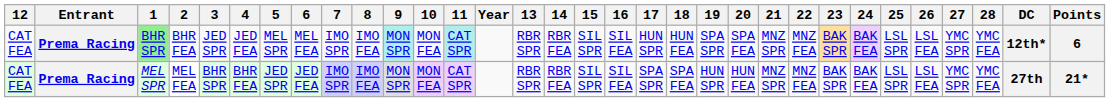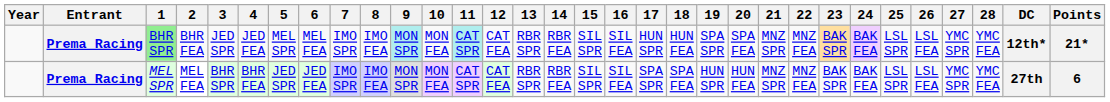 <table class="wikitable" style="text-align:center; font-size:85%">
 <tr>
-<th scope="col">12</th>
+<th scope="col">Year</th>
 <th scope="col">Entrant</th>
 <th scope="col">1</th>
 <th scope="col">2</th>
 <th scope="col">3</th>
 <th scope="col">4</th>
 <th scope="col">5</th>
 <th scope="col">6</th>
 <th scope="col">7</th>
 <th scope="col">8</th>
 <th scope="col">9</th>
 <th scope="col">10</th>
 <th scope="col">11</th>
-<th scope="col">Year</th>
+<th scope="col">12</th>
 <th scope="col">13</th>
 <th scope="col">14</th>
 <th scope="col">15</th>
 <th scope="col">16</th>
 <th scope="col">17</th>
 <th scope="col">18</th>
 <th scope="col">19</th>
 <th scope="col">20</th>
 <th scope="col">21</th>
 <th scope="col">22</th>
 <th scope="col">23</th>
 <th scope="col">24</th>
 <th scope="col">25</th>
 <th scope="col">26</th>
 <th scope="col">27</th>
 <th scope="col">28</th>
 <th scope="col">DC</th>
 <th scope="col">Points</th>
 </tr>
 <tr>
-<td><a href='#'>CAT<br>FEA</a></td>
+<td scope="row"></td>
 <th nowrap><a href='#'>Prema Racing</a></th>
 <td style="background: lightgreen;"><a href='#'>BHR<br>SPR</a></td>
 <td><a href='#'>BHR<br>FEA</a></td>
 <td><a href='#'>JED<br>SPR</a></td>
 <td><a href='#'>JED<br>FEA</a></td>
 <td><a href='#'>MEL<br>SPR</a></td>
 <td><a href='#'>MEL<br>FEA</a></td>
 <td><a href='#'>IMO<br>SPR</a></td>
 <td><a href='#'>IMO<br>FEA</a></td>
 <td style="background: paleturquoise;"><a href='#'>MON<br>SPR</a></td>
 <td><a href='#'>MON<br>FEA</a></td>
 <td style="background: paleturquoise;"><a href='#'>CAT<br>SPR</a></td>
-<td scope="row"></td>
+<td><a href='#'>CAT<br>FEA</a></td>
 <td><a href='#'>RBR<br>SPR</a></td>
 <td><a href='#'>RBR<br>FEA</a></td>
 <td><a href='#'>SIL<br>SPR</a></td>
 <td><a href='#'>SIL<br>FEA</a></td>
 <td><a href='#'>HUN<br>SPR</a></td>
 <td><a href='#'>HUN<br>FEA</a></td>
 <td><a href='#'>SPA<br>SPR</a></td>
 <td><a href='#'>SPA<br>FEA</a></td>
 <td><a href='#'>MNZ<br>SPR</a></td>
 <td><a href='#'>MNZ<br>FEA</a></td>
 <td style="background:#FFDF9F;"><a href='#'>BAK<br>SPR</a><br></td>
 <td style="background:#EFCFFF;"><a href='#'>BAK<br>FEA</a><br></td>
 <td><a href='#'>LSL<br>SPR</a></td>
 <td><a href='#'>LSL<br>FEA</a></td>
 <td><a href='#'>YMC<br>SPR</a></td>
 <td><a href='#'>YMC<br>FEA</a></td>
 <th>12th*</th>
-<th>6</th>
+<th>21*</th>
 </tr>
 <tr>
-<td style="background:#DFFFDF;"><a href='#'>CAT<br>FEA</a><br></td>
+<td></td>
 <th nowrap><a href='#'>Prema Racing</a></th>
 <td style="background:#DFFFDF;"><em><a href='#'>MEL<br>SPR</a></em><br></td>
 <td style="background:#FFFFFF;"><a href='#'>MEL<br>FEA</a><br></td>
 <td style="background:#DFFFDF;"><a href='#'>BHR<br>SPR</a><br></td>
 <td style="background:#DFFFDF;"><a href='#'>BHR<br>FEA</a><br></td>
 <td style="background:#DFFFDF;"><a href='#'>JED<br>SPR</a><br></td>
 <td style="background:#DFFFDF;"><a href='#'>JED<br>FEA</a><br></td>
 <td style="background:#CFCFFF;"><a href='#'>IMO<br>SPR</a><br></td>
 <td style="background:#CFCFFF;"><a href='#'>IMO<br>FEA</a><br></td>
 <td style="background:#DFDFDF;"><a href='#'>MON<br>SPR</a><br></td>
 <td style="background:#EFCFFF;"><a href='#'>MON<br>FEA</a><br></td>
 <td style="background:#EFCFFF;"><a href='#'>CAT<br>SPR</a><br></td>
-<td></td>
+<td style="background:#DFFFDF;"><a href='#'>CAT<br>FEA</a><br></td>
 <td style="background:#;"><a href='#'>RBR<br>SPR</a><br></td>
 <td style="background:#;"><a href='#'>RBR<br>FEA</a><br></td>
 <td style="background:#;"><a href='#'>SIL<br>SPR</a><br></td>
 <td style="background:#;"><a href='#'>SIL<br>FEA</a><br></td>
 <td style="background:#;"><a href='#'>SPA<br>SPR</a><br></td>
 <td style="background:#;"><a href='#'>SPA<br>FEA</a><br></td>
 <td style="background:#;"><a href='#'>HUN<br>SPR</a><br></td>
 <td style="background:#;"><a href='#'>HUN<br>FEA</a><br></td>
 <td style="background:#;"><a href='#'>MNZ<br>SPR</a><br></td>
 <td style="background:#;"><a href='#'>MNZ<br>FEA</a><br></td>
 <td style="background:#;"><a href='#'>BAK<br>SPR</a><br></td>
 <td style="background:#;"><a href='#'>BAK<br>FEA</a><br></td>
 <td style="background:#;"><a href='#'>LSL<br>SPR</a><br></td>
 <td style="background:#;"><a href='#'>LSL<br>FEA</a><br></td>
 <td style="background:#;"><a href='#'>YMC<br>SPR</a><br></td>
 <td style="background:#;"><a href='#'>YMC<br>FEA</a><br></td>
 <th>27th</th>
-<th>21*</th>
+<th>6</th>
 </tr>
 </table>
